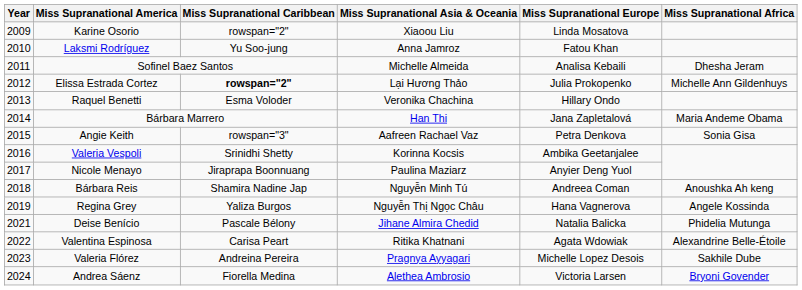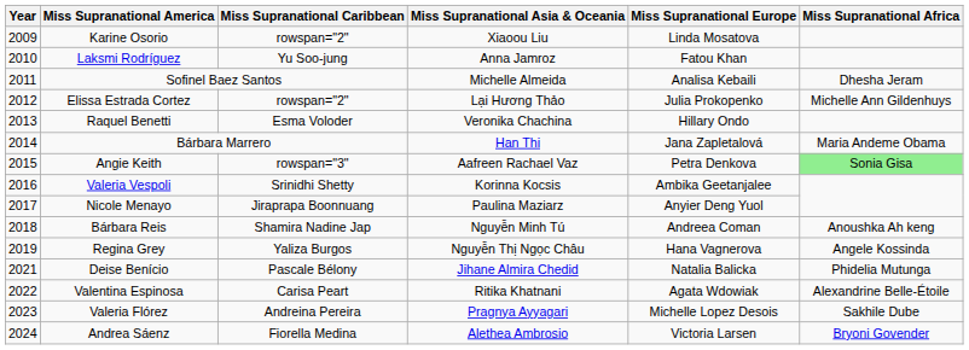 <table class="wikitable" style="font-size: 80%; text-align:center;">
 <tr>
 <th>Year</th>
 <th>Miss Supranational America</th>
 <th>Miss Supranational Caribbean</th>
 <th>Miss Supranational Asia & Oceania</th>
 <th>Miss Supranational Europe</th>
 <th>Miss Supranational Africa</th>
 </tr>
 <tr>
 <td>2009</td>
 <td>Karine Osorio<br></td>
 <td>rowspan="2" </td>
 <td>Xiaoou Liu<br></td>
 <td>Linda Mosatova<br></td>
 <td></td>
 </tr>
 <tr>
 <td>2010</td>
 <td><a href='#'>Laksmi Rodríguez</a><br></td>
 <td>Yu Soo-jung<br></td>
 <td>Anna Jamroz<br></td>
 <td>Fatou Khan<br></td>
 </tr>
 <tr>
 <td>2011</td>
 <td colspan="2">Sofinel Baez Santos<br></td>
 <td>Michelle Almeida<br></td>
 <td>Analisa Kebaili<br></td>
 <td>Dhesha Jeram<br></td>
 </tr>
 <tr>
 <td>2012</td>
 <td>Elissa Estrada Cortez<br></td>
-<td><strong>rowspan="2" </strong></td>
+<td>rowspan="2" </td>
 <td>Lại Hương Thảo<br></td>
 <td>Julia Prokopenko<br></td>
 <td>Michelle Ann Gildenhuys<br></td>
 </tr>
 <tr>
 <td>2013</td>
 <td>Raquel Benetti<br></td>
 <td>Esma Voloder<br></td>
 <td>Veronika Chachina<br></td>
 <td>Hillary Ondo<br></td>
 </tr>
 <tr>
 <td>2014</td>
 <td colspan="2">Bárbara Marrero<br></td>
 <td><a href='#'>Han Thi</a><br></td>
 <td>Jana Zapletalová<br></td>
 <td>Maria Andeme Obama<br></td>
 </tr>
 <tr>
 <td>2015</td>
 <td>Angie Keith<br></td>
 <td>rowspan="3" </td>
 <td>Aafreen Rachael Vaz<br></td>
 <td>Petra Denkova<br></td>
-<td>Sonia Gisa<br></td>
+<td style="background: lightgreen;">Sonia Gisa<br></td>
 </tr>
 <tr>
 <td>2016</td>
 <td><a href='#'>Valeria Vespoli</a><br></td>
 <td>Srinidhi Shetty<br></td>
 <td>Korinna Kocsis<br></td>
 <td>Ambika Geetanjalee<br></td>
 </tr>
 <tr>
 <td>2017</td>
 <td>Nicole Menayo<br></td>
 <td>Jiraprapa Boonnuang<br></td>
 <td>Paulina Maziarz<br></td>
 <td>Anyier Deng Yuol<br></td>
 </tr>
 <tr>
 <td>2018</td>
 <td>Bárbara Reis<br></td>
 <td>Shamira Nadine Jap<br></td>
 <td>Nguyễn Minh Tú<br></td>
 <td>Andreea Coman<br></td>
 <td>Anoushka Ah keng<br></td>
 </tr>
 <tr>
 <td>2019</td>
 <td>Regina Grey<br></td>
 <td>Yaliza Burgos<br></td>
 <td>Nguyễn Thị Ngọc Châu<br></td>
 <td>Hana Vagnerova<br></td>
 <td>Angele Kossinda<br></td>
 </tr>
 <tr>
 <td>2021</td>
 <td>Deise Benício<br></td>
 <td>Pascale Bélony<br></td>
 <td><a href='#'>Jihane Almira Chedid</a><br></td>
 <td>Natalia Balicka<br></td>
 <td>Phidelia Mutunga<br></td>
 </tr>
 <tr>
 <td>2022</td>
 <td>Valentina Espinosa<br></td>
 <td>Carisa Peart<br></td>
 <td>Ritika Khatnani<br></td>
 <td>Agata Wdowiak<br></td>
 <td>Alexandrine Belle-Étoile<br></td>
 </tr>
 <tr>
 <td>2023</td>
 <td>Valeria Flórez<br></td>
 <td>Andreina Pereira<br></td>
 <td><a href='#'>Pragnya Ayyagari</a><br></td>
 <td>Michelle Lopez Desois<br></td>
 <td>Sakhile Dube<br></td>
 </tr>
 <tr>
 <td>2024</td>
 <td>Andrea Sáenz<br></td>
 <td>Fiorella Medina<br></td>
 <td><a href='#'>Alethea Ambrosio</a><br></td>
 <td>Victoria Larsen<br></td>
 <td><a href='#'>Bryoni Govender</a><br></td>
 </tr>
 </table>
